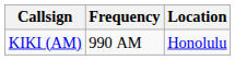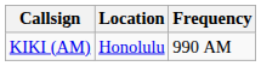 <table class="wikitable">
 <tr>
 <th>Callsign</th>
+<th>Location</th>
 <th>Frequency</th>
-<th>Location</th>
 </tr>
 <tr>
 <td><a href='#'>KIKI (AM)</a></td>
+<td><a href='#'>Honolulu</a></td>
 <td>990 AM</td>
-<td><a href='#'>Honolulu</a></td>
 </tr>
 </table>
